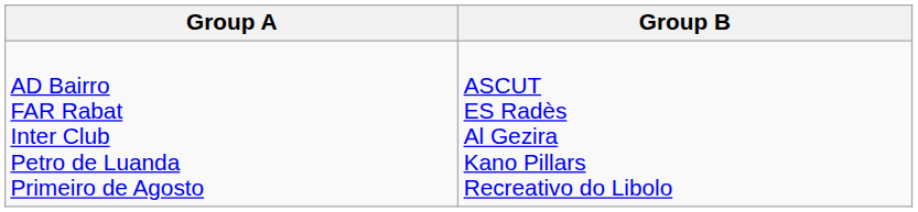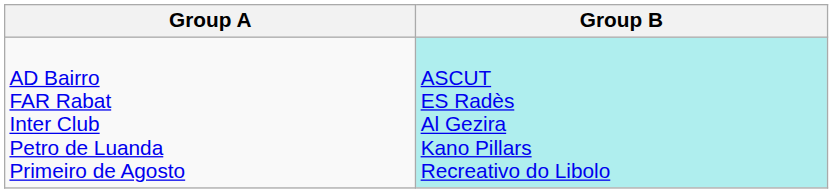 <table class="wikitable" width=40%>
 <tr>
 <th width=175px>Group A</th>
 <th width=175px>Group B</th>
 </tr>
 <tr>
 <td><br> <a href='#'>AD Bairro</a><br>  <a href='#'>FAR Rabat</a><br>  <a href='#'>Inter Club</a><br>  <a href='#'>Petro de Luanda</a><br>  <a href='#'>Primeiro de Agosto</a></td>
-<td><br> <a href='#'>ASCUT</a><br>  <a href='#'>ES Radès</a><br>  <a href='#'>Al Gezira</a><br>  <a href='#'>Kano Pillars</a><br>  <a href='#'>Recreativo do Libolo</a></td>
+<td style="background: paleturquoise;"><br> <a href='#'>ASCUT</a><br>  <a href='#'>ES Radès</a><br>  <a href='#'>Al Gezira</a><br>  <a href='#'>Kano Pillars</a><br>  <a href='#'>Recreativo do Libolo</a></td>
 </tr>
 </table>
